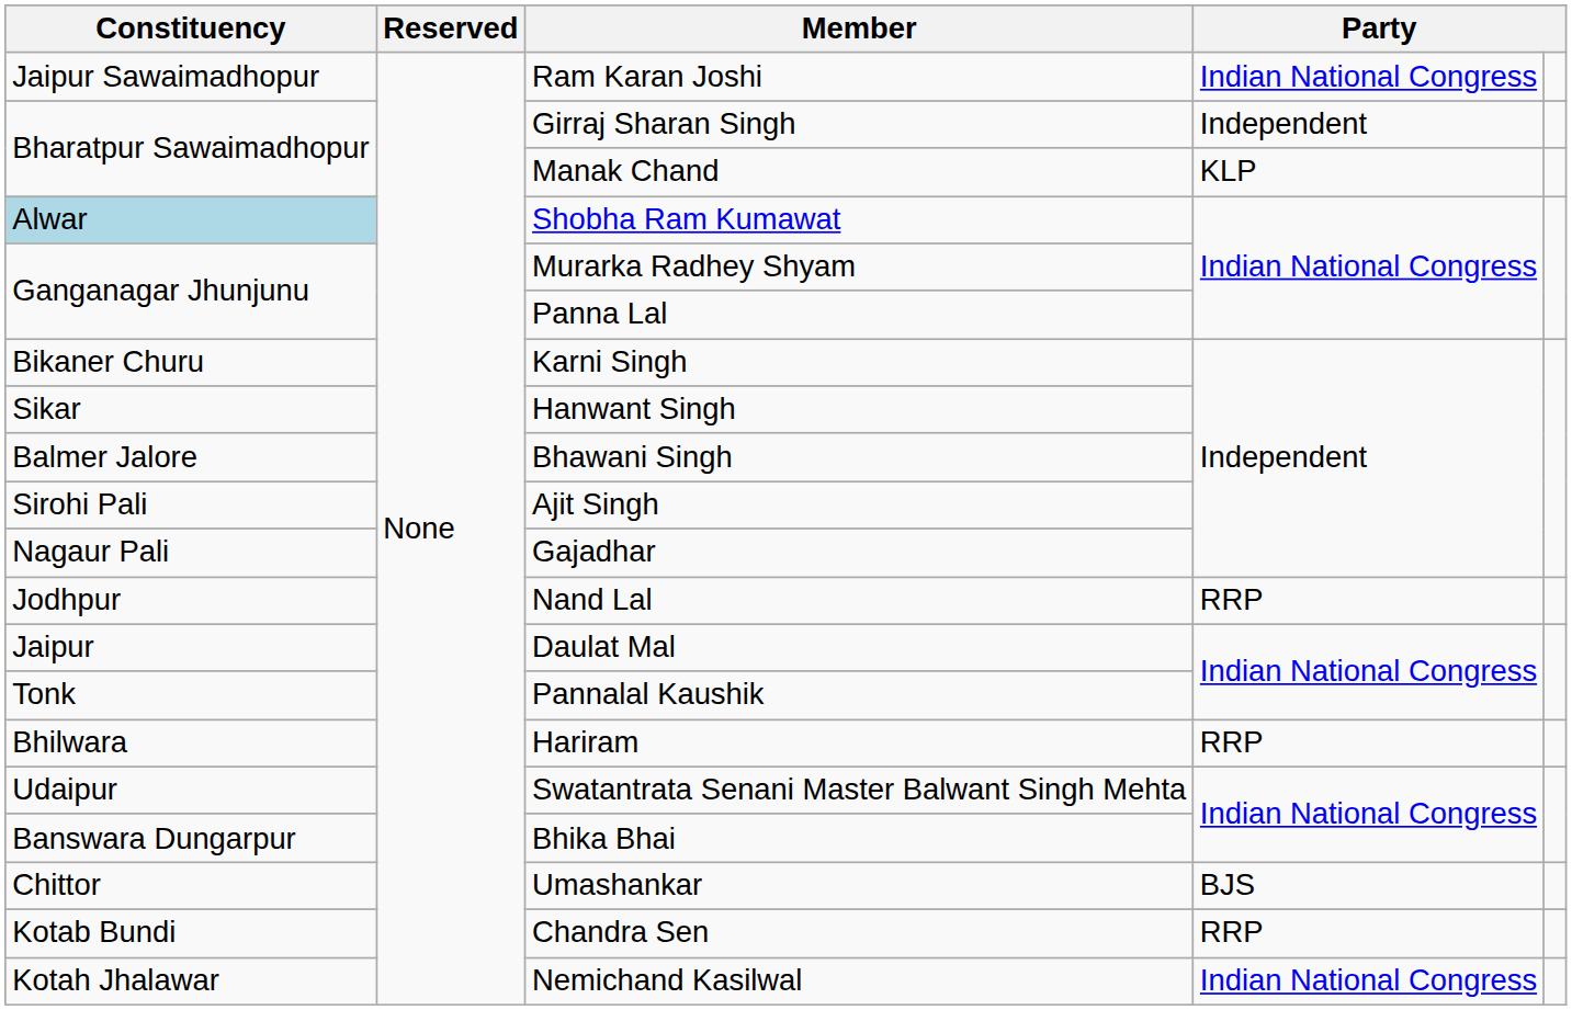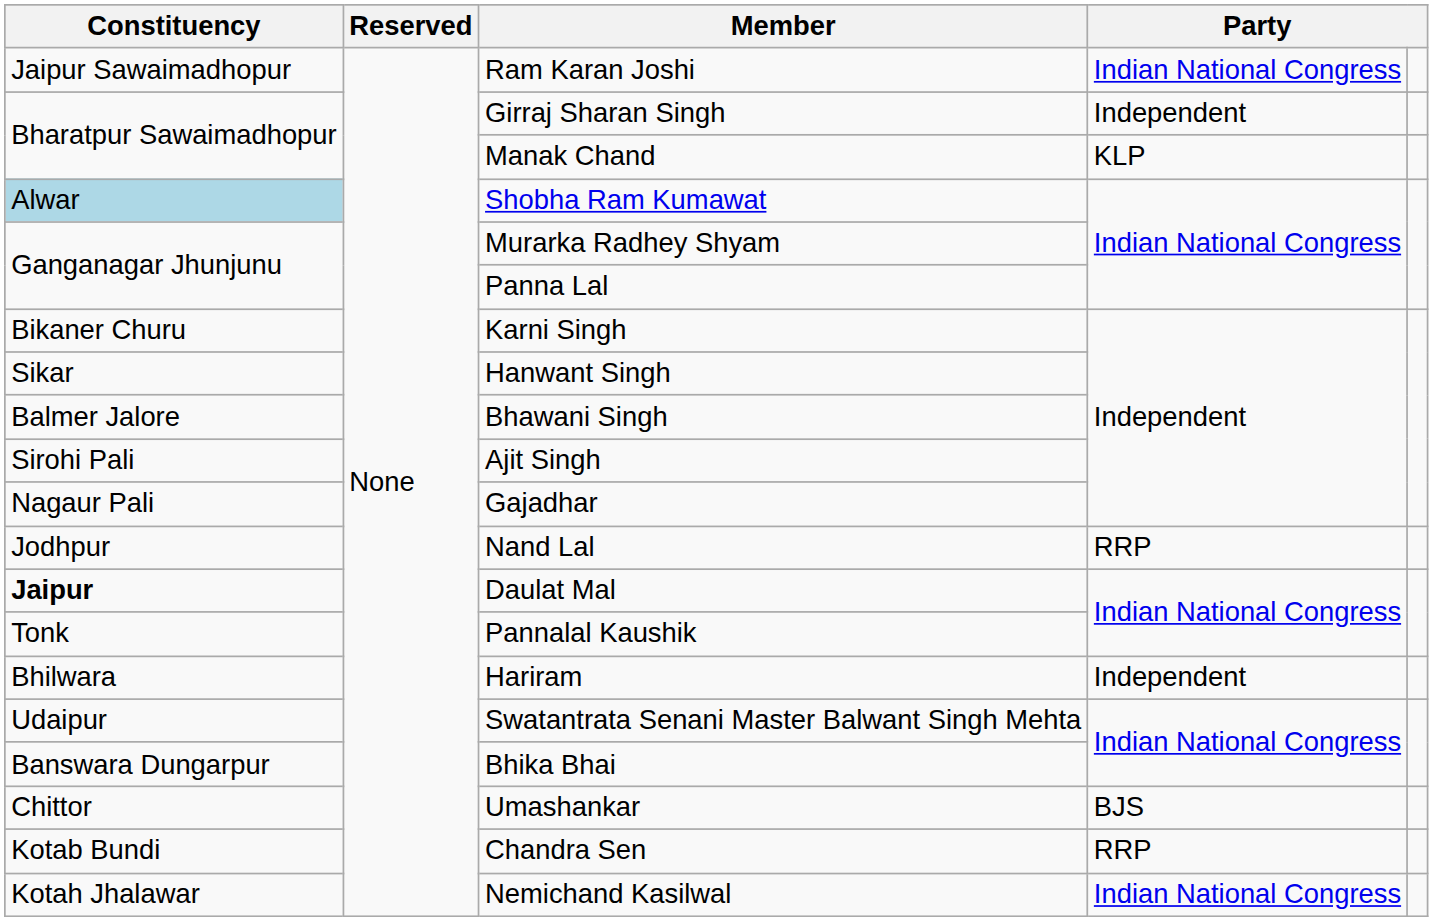 <table class="wikitable">
 <tr>
 <th>Constituency</th>
 <th>Reserved</th>
 <th>Member</th>
 <th colspan=2>Party</th>
 </tr>
 <tr>
 <td>Jaipur Sawaimadhopur</td>
 <td rowspan=20>None</td>
 <td>Ram Karan Joshi</td>
 <td><a href='#'>Indian National Congress</a></td>
 <td style="background-color: "></td>
 </tr>
 <tr>
 <td rowspan=2>Bharatpur Sawaimadhopur</td>
 <td>Girraj Sharan Singh</td>
 <td>Independent</td>
 <td></td>
 </tr>
 <tr>
 <td>Manak Chand</td>
 <td>KLP</td>
 <td></td>
 </tr>
 <tr>
 <td style="background: lightblue;">Alwar</td>
 <td><a href='#'>Shobha Ram Kumawat</a></td>
 <td rowspan=3><a href='#'>Indian National Congress</a></td>
 <td rowspan=3 width="4px" style="background-color: "></td>
 </tr>
 <tr>
 <td rowspan=2>Ganganagar Jhunjunu</td>
 <td>Murarka Radhey Shyam</td>
 </tr>
 <tr>
 <td>Panna Lal</td>
 </tr>
 <tr>
 <td>Bikaner Churu</td>
 <td>Karni Singh</td>
 <td rowspan=5>Independent</td>
 <td rowspan=5></td>
 </tr>
 <tr>
 <td>Sikar</td>
 <td>Hanwant Singh</td>
 </tr>
 <tr>
 <td>Balmer Jalore</td>
 <td>Bhawani Singh</td>
 </tr>
 <tr>
 <td>Sirohi Pali</td>
 <td>Ajit Singh</td>
 </tr>
 <tr>
 <td>Nagaur Pali</td>
 <td>Gajadhar</td>
 </tr>
 <tr>
 <td>Jodhpur</td>
 <td>Nand Lal</td>
 <td>RRP</td>
 <td></td>
 </tr>
 <tr>
-<td>Jaipur</td>
+<td><strong>Jaipur</strong></td>
 <td>Daulat Mal</td>
 <td rowspan=2><a href='#'>Indian National Congress</a></td>
 <td rowspan=2 width="4px" style="background-color: "></td>
 </tr>
 <tr>
 <td>Tonk</td>
 <td>Pannalal Kaushik</td>
 </tr>
 <tr>
 <td>Bhilwara</td>
 <td>Hariram</td>
-<td>RRP</td>
+<td>Independent</td>
 <td></td>
 </tr>
 <tr>
 <td>Udaipur</td>
 <td>Swatantrata Senani Master Balwant Singh Mehta</td>
 <td rowspan=2><a href='#'>Indian National Congress</a></td>
 <td rowspan=2 width="4px" style="background-color: "></td>
 </tr>
 <tr>
 <td>Banswara Dungarpur</td>
 <td>Bhika Bhai</td>
 </tr>
 <tr>
 <td>Chittor</td>
 <td>Umashankar</td>
 <td>BJS</td>
 <td></td>
 </tr>
 <tr>
 <td>Kotab Bundi</td>
 <td>Chandra Sen</td>
 <td>RRP</td>
 <td></td>
 </tr>
 <tr>
 <td>Kotah Jhalawar</td>
 <td>Nemichand Kasilwal</td>
 <td><a href='#'>Indian National Congress</a></td>
 <td style="background-color: "></td>
 </tr>
 </table>
